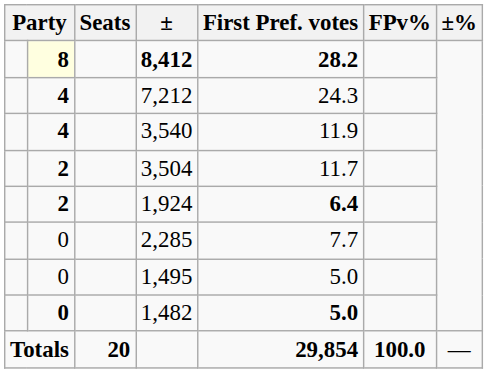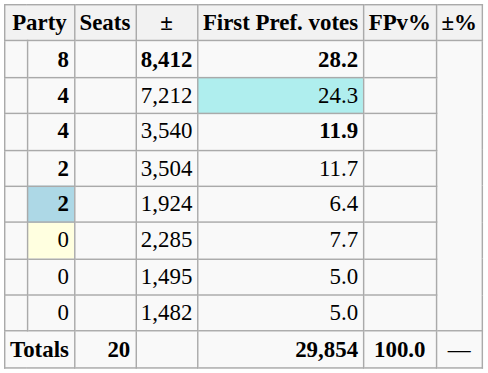 <table class=wikitable>
 <tr>
 <th colspan=2 align=center>Party</th>
 <th valign=top>Seats</th>
 <th valign=top>±</th>
 <th valign=top>First Pref. votes</th>
 <th valign=top>FPv%</th>
 <th valign=top>±%</th>
 </tr>
 <tr>
 <td></td>
-<td align=right style="background: lightyellow;"><strong>8</strong></td>
+<td align=right><strong>8</strong></td>
 <td align=right></td>
 <td align=right><strong>8,412</strong></td>
 <td align=right><strong>28.2</strong></td>
 <td align=right></td>
 </tr>
 <tr>
 <td></td>
 <td align=right><strong>4</strong></td>
 <td align=right></td>
 <td align=right>7,212</td>
-<td align=right>24.3</td>
+<td align=right style="background: paleturquoise;">24.3</td>
 <td align=right></td>
 </tr>
 <tr>
 <td></td>
 <td align=right><strong>4</strong></td>
 <td align=right></td>
 <td align=right>3,540</td>
-<td align=right>11.9</td>
+<td align=right><strong>11.9</strong></td>
 <td align=right></td>
 </tr>
 <tr>
 <td></td>
 <td align=right><strong>2</strong></td>
 <td align=right></td>
 <td align=right>3,504</td>
 <td align=right>11.7</td>
 <td align=right></td>
 </tr>
 <tr>
 <td></td>
-<td align=right><strong>2</strong></td>
+<td align=right style="background: lightblue;"><strong>2</strong></td>
 <td align=right></td>
 <td align=right>1,924</td>
-<td align=right><strong>6.4</strong></td>
+<td align=right>6.4</td>
 <td align=right></td>
 </tr>
 <tr>
 <td></td>
-<td align=right>0</td>
+<td align=right style="background: lightyellow;">0</td>
 <td align=right></td>
 <td align=right>2,285</td>
 <td align=right>7.7</td>
 <td align=right></td>
 </tr>
 <tr>
 <td></td>
 <td align=right>0</td>
 <td align=right></td>
 <td align=right>1,495</td>
 <td align=right>5.0</td>
 <td align=right></td>
 </tr>
 <tr>
 <td></td>
-<td align=right><strong>0</strong></td>
+<td align=right>0</td>
 <td align=right></td>
 <td align=right>1,482</td>
-<td align=right><strong>5.0</strong></td>
+<td align=right>5.0</td>
 <td align=right></td>
 </tr>
 <tr>
 <td colspan=2 align=center><strong>Totals</strong></td>
 <td align=right><strong>20</strong></td>
 <td align=center></td>
 <td align=right><strong>29,854</strong></td>
 <td align=center><strong>100.0</strong></td>
 <td align=center>—</td>
 </tr>
 </table>
